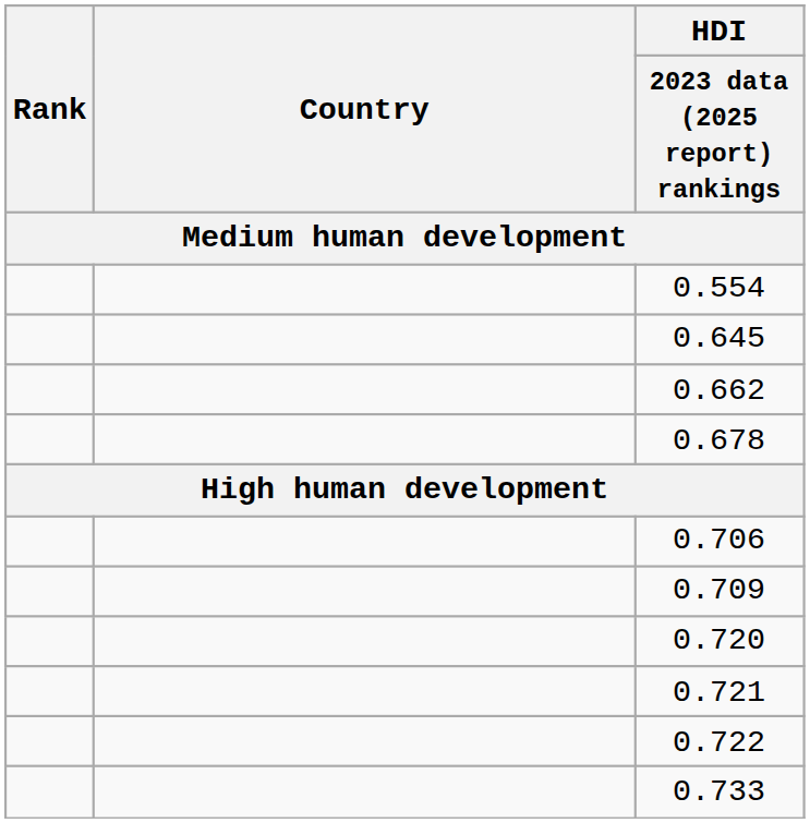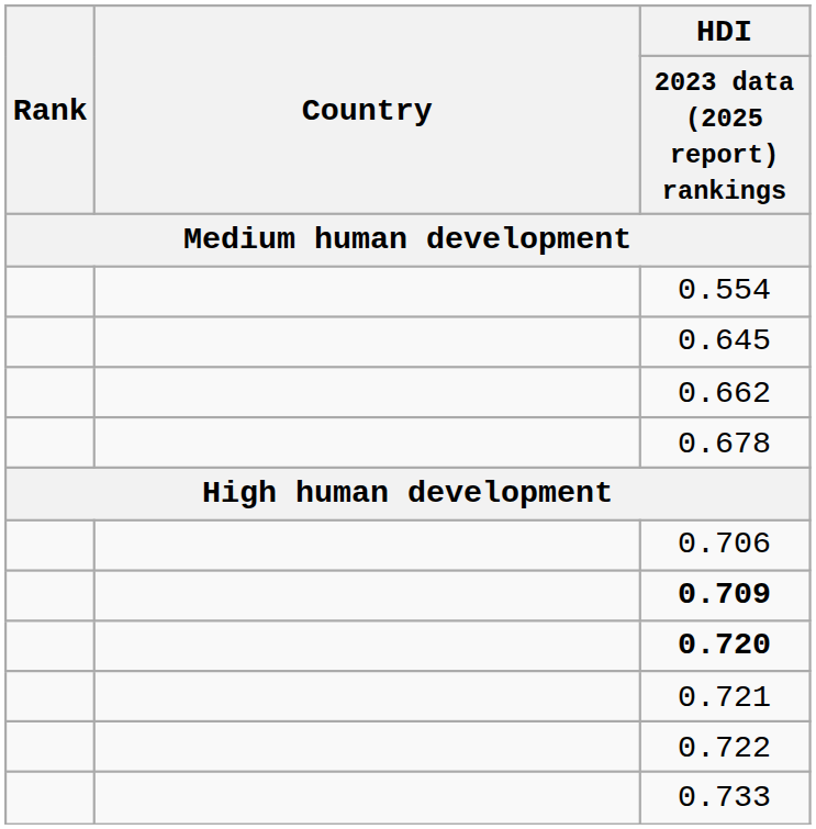 <table class="wikitable sortable" style="text-align:center">
 <tr>
 <th scope="col" rowspan="2" data-sort-type="number">Rank</th>
 <th scope="col" rowspan="2" style="width:17em;">Country</th>
 <th scope="col" colspan="2">HDI</th>
 </tr>
 <tr>
 <th scope="col" style="width:5em;" data-sort-type="number"><small>2023 data (2025 report) rankings</small></th>
 </tr>
 <tr>
 <th scope="row" colspan="4">Medium human development</th>
 </tr>
 <tr>
 <td></td>
 <td style="text-align:left"></td>
 <td>0.554</td>
 </tr>
 <tr>
 <td></td>
 <td style="text-align:left"></td>
 <td>0.645</td>
 </tr>
 <tr>
 <td></td>
 <td style="text-align:left"></td>
 <td>0.662</td>
 </tr>
 <tr>
 <td></td>
 <td style="text-align:left"></td>
 <td>0.678</td>
 </tr>
 <tr>
 <th scope="row" colspan="4">High human development</th>
 </tr>
 <tr>
 <td></td>
 <td style="text-align:left"></td>
 <td>0.706</td>
 </tr>
 <tr>
 <td></td>
 <td style="text-align:left"></td>
-<td>0.709</td>
+<td><strong>0.709</strong></td>
 </tr>
 <tr>
 <td></td>
 <td style="text-align:left"></td>
-<td>0.720</td>
+<td><strong>0.720</strong></td>
 </tr>
 <tr>
 <td></td>
 <td style="text-align:left"></td>
 <td>0.721</td>
 </tr>
 <tr>
 <td></td>
 <td style="text-align:left"></td>
 <td>0.722</td>
 </tr>
 <tr>
 <td></td>
 <td style="text-align:left"></td>
 <td>0.733</td>
 </tr>
 </table>
